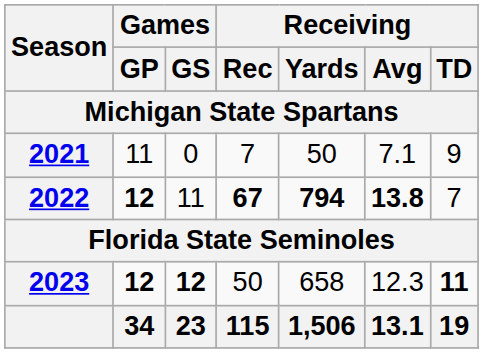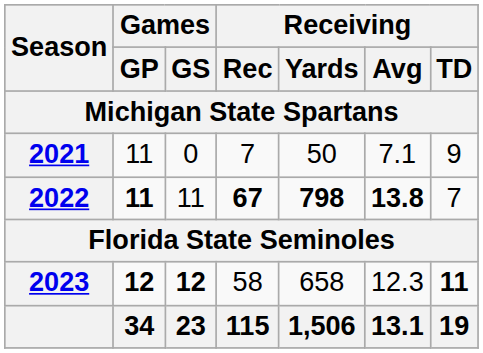 <table class="wikitable" style="text-align:center;">
 <tr>
 <th rowspan="2">Season</th>
 <th colspan="2">Games</th>
 <th colspan="4">Receiving</th>
 </tr>
 <tr>
 <th>GP</th>
 <th>GS</th>
 <th>Rec</th>
 <th>Yards</th>
 <th>Avg</th>
 <th>TD</th>
 </tr>
 <tr>
 <th colspan="8">Michigan State Spartans</th>
 </tr>
 <tr>
 <th><a href='#'>2021</a></th>
 <td>11</td>
 <td>0</td>
 <td>7</td>
 <td>50</td>
 <td>7.1</td>
 <td>9</td>
 </tr>
 <tr>
 <th><a href='#'>2022</a></th>
-<td><strong>12</strong></td>
+<td><strong>11</strong></td>
 <td>11</td>
 <td><strong>67</strong></td>
-<td><strong>794</strong></td>
+<td><strong>798</strong></td>
 <td><strong>13.8</strong></td>
 <td>7</td>
 </tr>
 <tr>
 <th colspan="8">Florida State Seminoles</th>
 </tr>
 <tr>
 <th><a href='#'>2023</a></th>
 <td><strong>12</strong></td>
 <td><strong>12</strong></td>
-<td>50</td>
+<td>58</td>
 <td>658</td>
 <td>12.3</td>
 <td><strong>11</strong></td>
 </tr>
 <tr>
 <th></th>
 <th>34</th>
 <th>23</th>
 <th>115</th>
 <th>1,506</th>
 <th>13.1</th>
 <th>19</th>
 </tr>
 </table>
